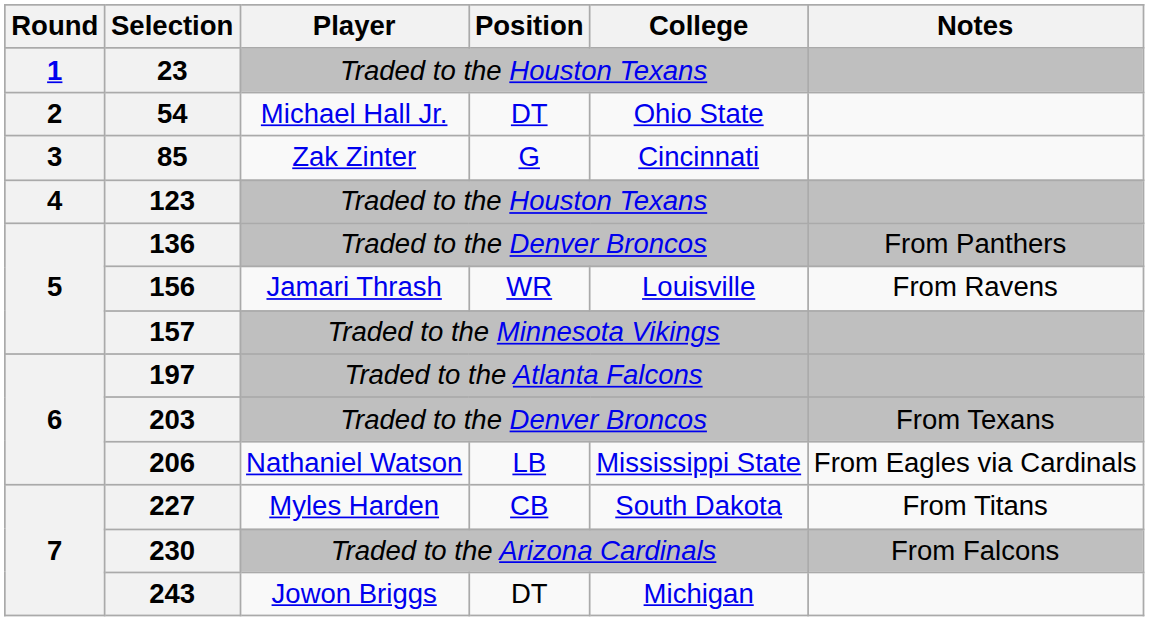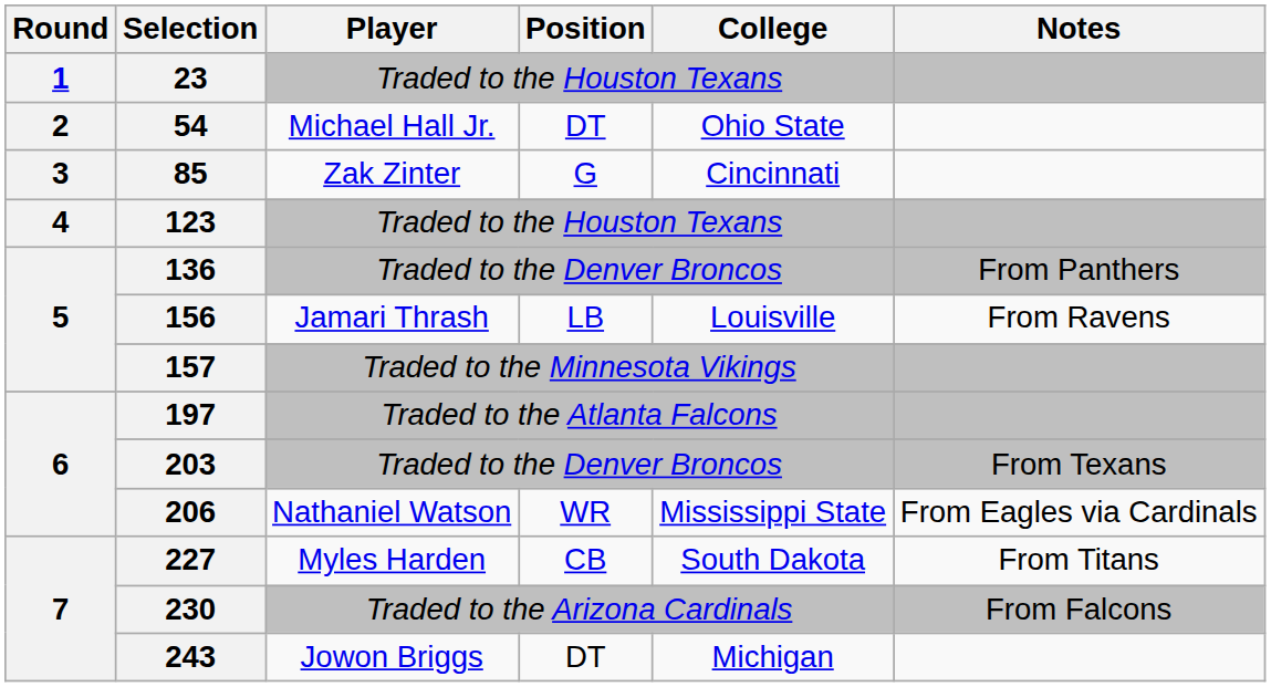 <table class="wikitable" style="text-align:center">
 <tr>
 <th>Round</th>
 <th>Selection</th>
 <th>Player</th>
 <th>Position</th>
 <th>College</th>
 <th>Notes</th>
 </tr>
 <tr>
 <th><a href='#'>1</a></th>
 <th>23</th>
 <td colspan="3" style="background:#BFBFBF"><em>Traded to the <a href='#'>Houston Texans</a></em></td>
 <td style="background:#BFBFBF"></td>
 </tr>
 <tr>
 <th>2</th>
 <th>54</th>
 <td><a href='#'>Michael Hall Jr.</a></td>
 <td><a href='#'>DT</a></td>
 <td><a href='#'>Ohio State</a></td>
 <td></td>
 </tr>
 <tr>
 <th>3</th>
 <th>85</th>
 <td><a href='#'>Zak Zinter</a></td>
 <td><a href='#'>G</a></td>
 <td><a href='#'>Cincinnati</a></td>
 <td></td>
 </tr>
 <tr>
 <th>4</th>
 <th>123</th>
 <td colspan="3" style="background:#BFBFBF"><em>Traded to the <a href='#'>Houston Texans</a></em></td>
 <td style="background:#BFBFBF"></td>
 </tr>
 <tr>
 <th rowspan="3">5</th>
 <th>136</th>
 <td colspan="3" style="background:#BFBFBF"><em>Traded to the <a href='#'>Denver Broncos</a></em></td>
 <td style="background:#BFBFBF">From Panthers</td>
 </tr>
 <tr>
 <th>156</th>
 <td><a href='#'>Jamari Thrash</a></td>
-<td><a href='#'>WR</a></td>
+<td><a href='#'>LB</a></td>
 <td><a href='#'>Louisville</a></td>
 <td>From Ravens</td>
 </tr>
 <tr>
 <th>157</th>
 <td colspan="3" style="background:#BFBFBF"><em>Traded to the <a href='#'>Minnesota Vikings</a></em></td>
 <td style="background:#BFBFBF"></td>
 </tr>
 <tr>
 <th rowspan="3">6</th>
 <th>197</th>
 <td colspan="3" style="background:#BFBFBF"><em>Traded to the <a href='#'>Atlanta Falcons</a></em></td>
 <td style="background:#BFBFBF"></td>
 </tr>
 <tr>
 <th>203</th>
 <td colspan="3" style="background:#BFBFBF"><em>Traded to the <a href='#'>Denver Broncos</a></em></td>
 <td style="background:#BFBFBF">From Texans</td>
 </tr>
 <tr>
 <th>206</th>
 <td><a href='#'>Nathaniel Watson</a></td>
-<td><a href='#'>LB</a></td>
+<td><a href='#'>WR</a></td>
 <td><a href='#'>Mississippi State</a></td>
 <td>From Eagles via Cardinals</td>
 </tr>
 <tr>
 <th rowspan="3">7</th>
 <th>227</th>
 <td><a href='#'>Myles Harden</a></td>
 <td><a href='#'>CB</a></td>
 <td><a href='#'>South Dakota</a></td>
 <td>From Titans</td>
 </tr>
 <tr>
 <th>230</th>
 <td colspan="3" style="background:#BFBFBF"><em>Traded to the <a href='#'>Arizona Cardinals</a></em></td>
 <td style="background:#BFBFBF">From Falcons</td>
 </tr>
 <tr>
 <th>243</th>
 <td><a href='#'>Jowon Briggs</a></td>
 <td>DT</td>
 <td><a href='#'>Michigan</a></td>
 <td></td>
 </tr>
 </table>
